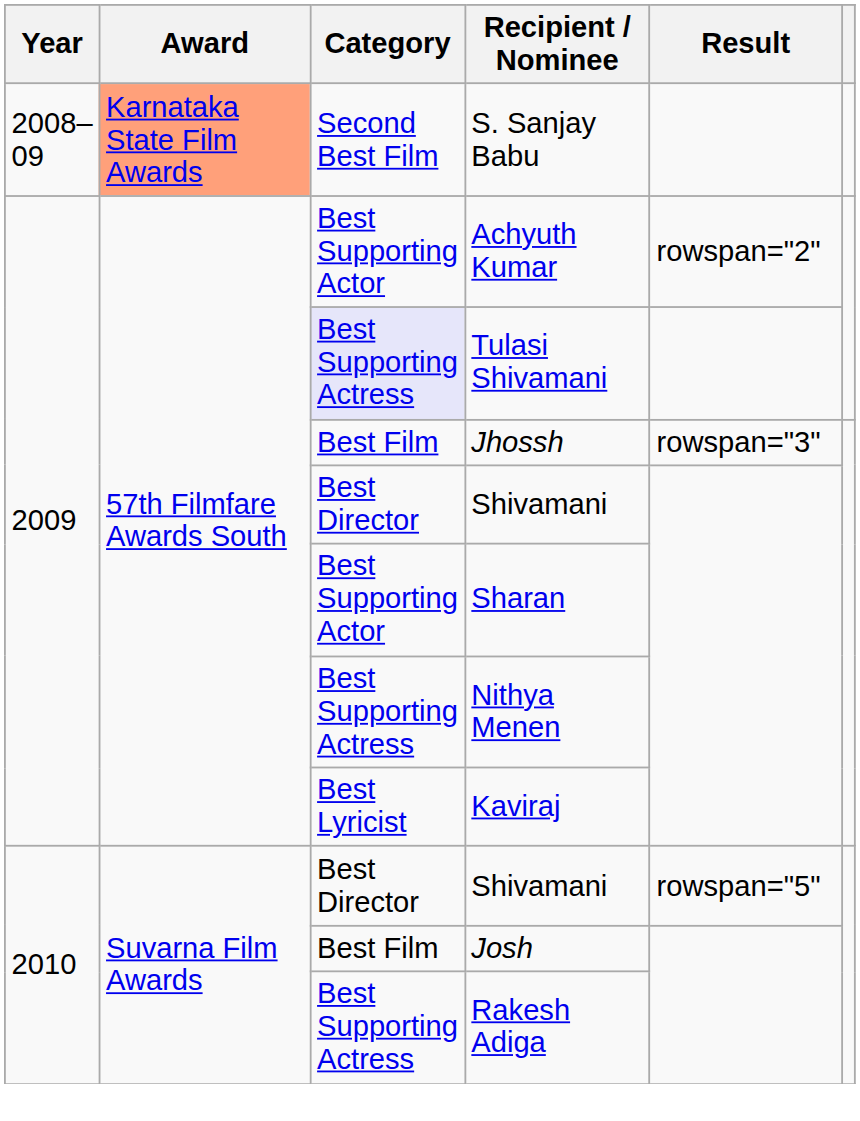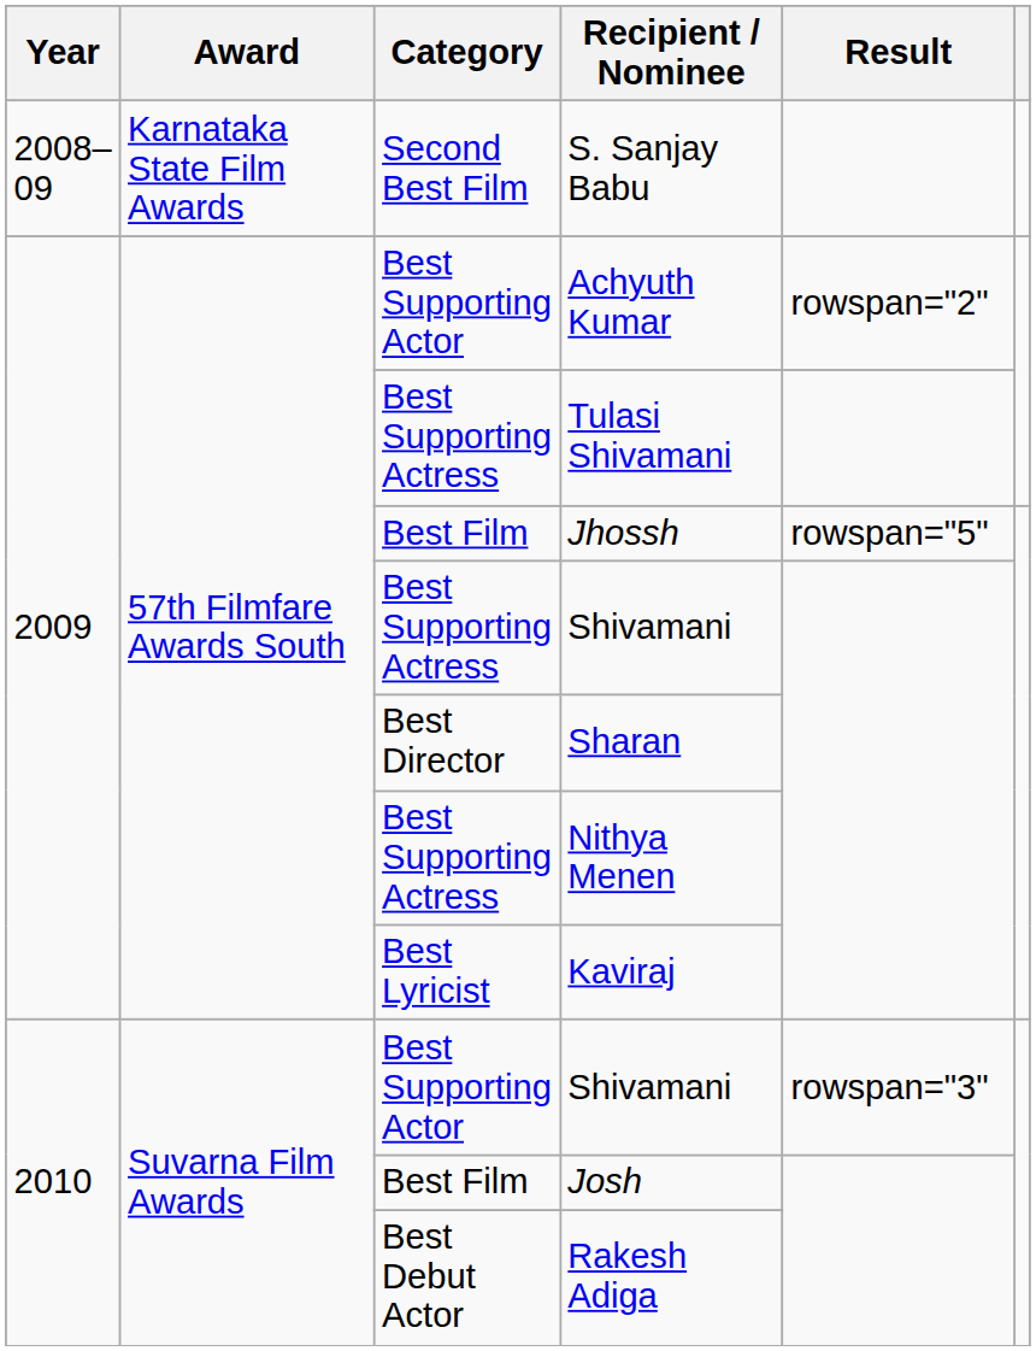 <table class="wikitable plainrowheaders sortable" style="width:75%">
 <tr>
 <th scope="col" style="width:8%">Year</th>
 <th scope="col" style="width:27%">Award</th>
 <th scope="col" style="width:17%">Category</th>
 <th scope="col" style="width:23%">Recipient / Nominee</th>
 <th scope="col" style="width:23%">Result</th>
 <th class="unsortable" scope="col"></th>
 </tr>
 <tr>
 <td>2008–09</td>
-<td style="background: lightsalmon;"><a href='#'>Karnataka State Film Awards</a></td>
+<td><a href='#'>Karnataka State Film Awards</a></td>
 <td><a href='#'>Second Best Film</a></td>
 <td>S. Sanjay Babu</td>
 <td></td>
 <td style="text-align: center;"></td>
 </tr>
 <tr>
 <td rowspan="7">2009</td>
 <td rowspan="7"><a href='#'>57th Filmfare Awards South</a></td>
 <td><a href='#'>Best Supporting Actor</a></td>
 <td><a href='#'>Achyuth Kumar</a></td>
 <td>rowspan="2" </td>
 <td rowspan="2" style="text-align: center;"></td>
 </tr>
 <tr>
-<td style="background: lavender;"><a href='#'>Best Supporting Actress</a></td>
+<td><a href='#'>Best Supporting Actress</a></td>
 <td><a href='#'>Tulasi Shivamani</a></td>
 </tr>
 <tr>
 <td><a href='#'>Best Film</a></td>
 <td><em>Jhossh</em></td>
-<td>rowspan="3" </td>
+<td>rowspan="5" </td>
 <td rowspan="5" style="text-align: center;"></td>
 </tr>
 <tr>
-<td><a href='#'>Best Director</a></td>
+<td><a href='#'>Best Supporting Actress</a></td>
 <td>Shivamani</td>
 </tr>
 <tr>
-<td><a href='#'>Best Supporting Actor</a></td>
+<td>Best Director</td>
 <td><a href='#'>Sharan</a></td>
 </tr>
 <tr>
 <td><a href='#'>Best Supporting Actress</a></td>
 <td><a href='#'>Nithya Menen</a></td>
 </tr>
 <tr>
 <td><a href='#'>Best Lyricist</a></td>
 <td><a href='#'>Kaviraj</a></td>
 </tr>
 <tr>
 <td rowspan="3">2010</td>
 <td rowspan="3"><a href='#'>Suvarna Film Awards</a></td>
-<td>Best Director</td>
+<td><a href='#'>Best Supporting Actor</a></td>
 <td>Shivamani</td>
-<td>rowspan="5" </td>
+<td>rowspan="3" </td>
 <td rowspan="3" style="text-align: center;"></td>
 </tr>
 <tr>
 <td>Best Film</td>
 <td><em>Josh</em></td>
 </tr>
 <tr>
-<td><a href='#'>Best Supporting Actress</a></td>
+<td>Best Debut Actor</td>
 <td><a href='#'>Rakesh Adiga</a></td>
 </tr>
 </table>
